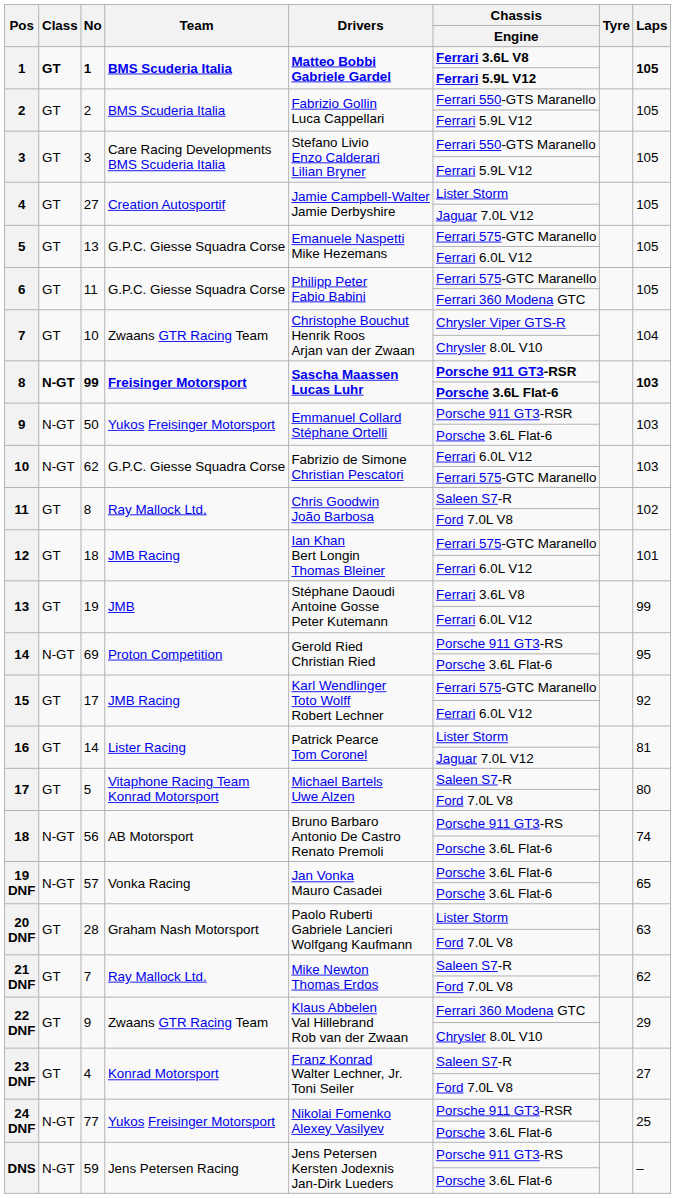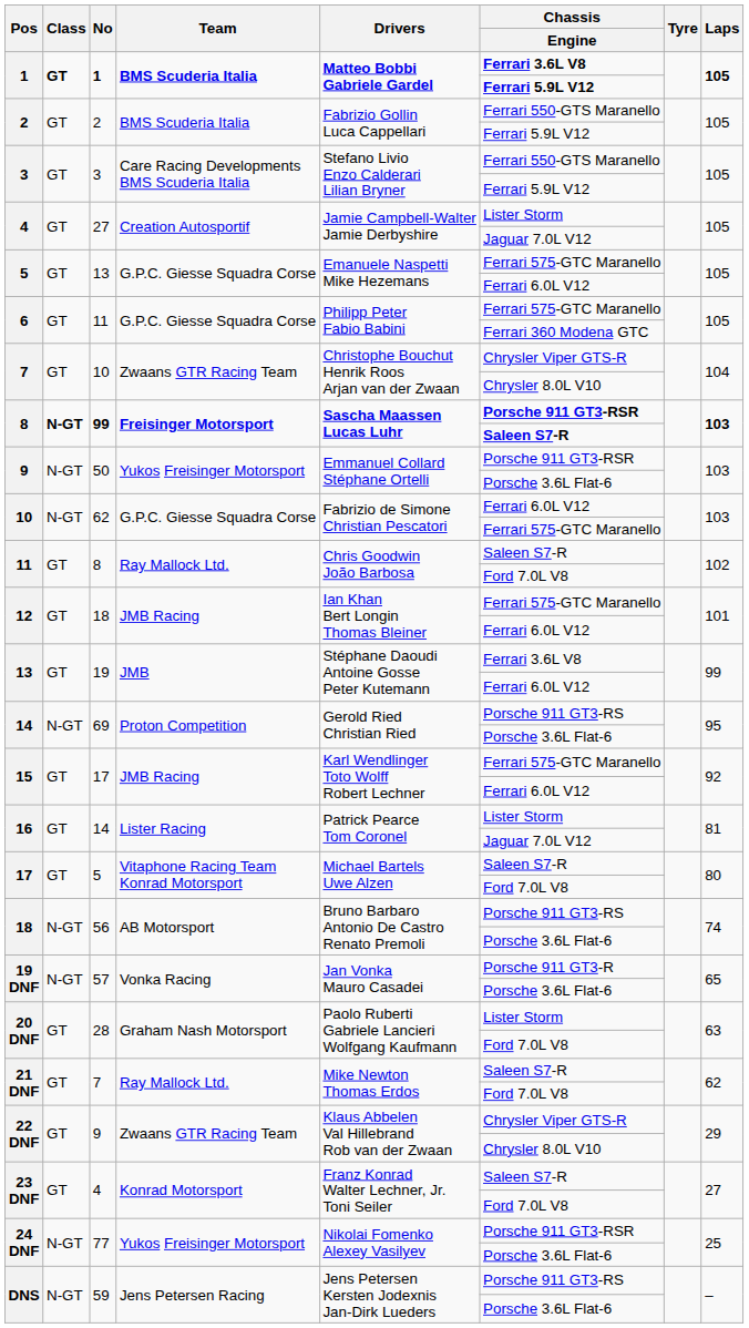 <table class="wikitable" style="font-size: 95%;">
 <tr>
 <th rowspan=2>Pos</th>
 <th rowspan=2>Class</th>
 <th rowspan=2>No</th>
 <th rowspan=2>Team</th>
 <th rowspan=2>Drivers</th>
 <th>Chassis</th>
 <th rowspan=2>Tyre</th>
 <th rowspan=2>Laps</th>
 </tr>
 <tr>
 <th>Engine</th>
 </tr>
 <tr style="font-weight:bold">
 <th rowspan=2>1</th>
 <td rowspan=2>GT</td>
 <td rowspan=2>1</td>
 <td rowspan=2> <a href='#'>BMS Scuderia Italia</a></td>
 <td rowspan=2> <a href='#'>Matteo Bobbi</a><br> <a href='#'>Gabriele Gardel</a></td>
 <td><a href='#'>Ferrari</a> 3.6L V8</td>
 <td rowspan=2></td>
 <td rowspan=2>105</td>
 </tr>
 <tr style="font-weight:bold">
 <td><a href='#'>Ferrari</a> 5.9L V12</td>
 </tr>
 <tr>
 <th rowspan=2>2</th>
 <td rowspan=2>GT</td>
 <td rowspan=2>2</td>
 <td rowspan=2> <a href='#'>BMS Scuderia Italia</a></td>
 <td rowspan=2> <a href='#'>Fabrizio Gollin</a><br> Luca Cappellari</td>
 <td><a href='#'>Ferrari 550</a>-GTS Maranello</td>
 <td rowspan=2></td>
 <td rowspan=2>105</td>
 </tr>
 <tr>
 <td><a href='#'>Ferrari</a> 5.9L V12</td>
 </tr>
 <tr>
 <th rowspan=2>3</th>
 <td rowspan=2>GT</td>
 <td rowspan=2>3</td>
 <td rowspan=2> Care Racing Developments<br> <a href='#'>BMS Scuderia Italia</a></td>
 <td rowspan=2> Stefano Livio<br> <a href='#'>Enzo Calderari</a><br> <a href='#'>Lilian Bryner</a></td>
 <td><a href='#'>Ferrari 550</a>-GTS Maranello</td>
 <td rowspan=2></td>
 <td rowspan=2>105</td>
 </tr>
 <tr>
 <td><a href='#'>Ferrari</a> 5.9L V12</td>
 </tr>
 <tr>
 <th rowspan=2>4</th>
 <td rowspan=2>GT</td>
 <td rowspan=2>27</td>
 <td rowspan=2> <a href='#'>Creation Autosportif</a></td>
 <td rowspan=2> <a href='#'>Jamie Campbell-Walter</a><br> Jamie Derbyshire</td>
 <td><a href='#'>Lister Storm</a></td>
 <td rowspan=2></td>
 <td rowspan=2>105</td>
 </tr>
 <tr>
 <td><a href='#'>Jaguar</a> 7.0L V12</td>
 </tr>
 <tr>
 <th rowspan=2>5</th>
 <td rowspan=2>GT</td>
 <td rowspan=2>13</td>
 <td rowspan=2> G.P.C. Giesse Squadra Corse</td>
 <td rowspan=2> <a href='#'>Emanuele Naspetti</a><br> Mike Hezemans</td>
 <td><a href='#'>Ferrari 575</a>-GTC Maranello</td>
 <td rowspan=2></td>
 <td rowspan=2>105</td>
 </tr>
 <tr>
 <td><a href='#'>Ferrari</a> 6.0L V12</td>
 </tr>
 <tr>
 <th rowspan=2>6</th>
 <td rowspan=2>GT</td>
 <td rowspan=2>11</td>
 <td rowspan=2> G.P.C. Giesse Squadra Corse</td>
 <td rowspan=2> <a href='#'>Philipp Peter</a><br> <a href='#'>Fabio Babini</a></td>
 <td><a href='#'>Ferrari 575</a>-GTC Maranello</td>
 <td rowspan=2></td>
 <td rowspan=2>105</td>
 </tr>
 <tr>
 <td><a href='#'>Ferrari 360 Modena</a> GTC</td>
 </tr>
 <tr>
 <th rowspan=2>7</th>
 <td rowspan=2>GT</td>
 <td rowspan=2>10</td>
 <td rowspan=2> Zwaans <a href='#'>GTR Racing</a> Team</td>
 <td rowspan=2> <a href='#'>Christophe Bouchut</a><br> Henrik Roos<br> Arjan van der Zwaan</td>
 <td><a href='#'>Chrysler Viper GTS-R</a></td>
 <td rowspan=2></td>
 <td rowspan=2>104</td>
 </tr>
 <tr>
 <td><a href='#'>Chrysler</a> 8.0L V10</td>
 </tr>
 <tr style="font-weight:bold">
 <th rowspan=2>8</th>
 <td rowspan=2>N-GT</td>
 <td rowspan=2>99</td>
 <td rowspan=2> <a href='#'>Freisinger Motorsport</a></td>
 <td rowspan=2> <a href='#'>Sascha Maassen</a><br> <a href='#'>Lucas Luhr</a></td>
 <td><a href='#'>Porsche 911 GT3</a>-RSR</td>
 <td rowspan=2></td>
 <td rowspan=2>103</td>
 </tr>
 <tr style="font-weight:bold">
-<td><a href='#'>Porsche</a> 3.6L Flat-6</td>
+<td><a href='#'>Saleen S7</a>-R</td>
 </tr>
 <tr>
 <th rowspan=2>9</th>
 <td rowspan=2>N-GT</td>
 <td rowspan=2>50</td>
 <td rowspan=2> <a href='#'>Yukos</a> <a href='#'>Freisinger Motorsport</a></td>
 <td rowspan=2> <a href='#'>Emmanuel Collard</a><br> <a href='#'>Stéphane Ortelli</a></td>
 <td><a href='#'>Porsche 911 GT3</a>-RSR</td>
 <td rowspan=2></td>
 <td rowspan=2>103</td>
 </tr>
 <tr>
 <td><a href='#'>Porsche</a> 3.6L Flat-6</td>
 </tr>
 <tr>
 <th rowspan=2>10</th>
 <td rowspan=2>N-GT</td>
 <td rowspan=2>62</td>
 <td rowspan=2> G.P.C. Giesse Squadra Corse</td>
 <td rowspan=2> Fabrizio de Simone<br> <a href='#'>Christian Pescatori</a></td>
 <td><a href='#'>Ferrari</a> 6.0L V12</td>
 <td rowspan=2></td>
 <td rowspan=2>103</td>
 </tr>
 <tr>
 <td><a href='#'>Ferrari 575</a>-GTC Maranello</td>
 </tr>
 <tr>
 <th rowspan=2>11</th>
 <td rowspan=2>GT</td>
 <td rowspan=2>8</td>
 <td rowspan=2> <a href='#'>Ray Mallock Ltd.</a></td>
 <td rowspan=2> <a href='#'>Chris Goodwin</a><br> <a href='#'>João Barbosa</a></td>
 <td><a href='#'>Saleen S7</a>-R</td>
 <td rowspan=2></td>
 <td rowspan=2>102</td>
 </tr>
 <tr>
 <td><a href='#'>Ford</a> 7.0L V8</td>
 </tr>
 <tr>
 <th rowspan=2>12</th>
 <td rowspan=2>GT</td>
 <td rowspan=2>18</td>
 <td rowspan=2> <a href='#'>JMB Racing</a></td>
 <td rowspan=2> <a href='#'>Ian Khan</a><br> Bert Longin<br> <a href='#'>Thomas Bleiner</a></td>
 <td><a href='#'>Ferrari 575</a>-GTC Maranello</td>
 <td rowspan=2></td>
 <td rowspan=2>101</td>
 </tr>
 <tr>
 <td><a href='#'>Ferrari</a> 6.0L V12</td>
 </tr>
 <tr>
 <th rowspan=2>13</th>
 <td rowspan=2>GT</td>
 <td rowspan=2>19</td>
 <td rowspan=2> <a href='#'>JMB</a></td>
 <td rowspan=2> Stéphane Daoudi<br> Antoine Gosse<br> Peter Kutemann</td>
 <td><a href='#'>Ferrari</a> 3.6L V8</td>
 <td rowspan=2></td>
 <td rowspan=2>99</td>
 </tr>
 <tr>
 <td><a href='#'>Ferrari</a> 6.0L V12</td>
 </tr>
 <tr>
 <th rowspan=2>14</th>
 <td rowspan=2>N-GT</td>
 <td rowspan=2>69</td>
 <td rowspan=2> <a href='#'>Proton Competition</a></td>
 <td rowspan=2> Gerold Ried<br> Christian Ried</td>
 <td><a href='#'>Porsche 911 GT3</a>-RS</td>
 <td rowspan=2></td>
 <td rowspan=2>95</td>
 </tr>
 <tr>
 <td><a href='#'>Porsche</a> 3.6L Flat-6</td>
 </tr>
 <tr>
 <th rowspan=2>15</th>
 <td rowspan=2>GT</td>
 <td rowspan=2>17</td>
 <td rowspan=2> <a href='#'>JMB Racing</a></td>
 <td rowspan=2> <a href='#'>Karl Wendlinger</a><br> <a href='#'>Toto Wolff</a><br> Robert Lechner</td>
 <td><a href='#'>Ferrari 575</a>-GTC Maranello</td>
 <td rowspan=2></td>
 <td rowspan=2>92</td>
 </tr>
 <tr>
 <td><a href='#'>Ferrari</a> 6.0L V12</td>
 </tr>
 <tr>
 <th rowspan=2>16</th>
 <td rowspan=2>GT</td>
 <td rowspan=2>14</td>
 <td rowspan=2> <a href='#'>Lister Racing</a></td>
 <td rowspan=2> Patrick Pearce<br> <a href='#'>Tom Coronel</a></td>
 <td><a href='#'>Lister Storm</a></td>
 <td rowspan=2></td>
 <td rowspan=2>81</td>
 </tr>
 <tr>
 <td><a href='#'>Jaguar</a> 7.0L V12</td>
 </tr>
 <tr>
 <th rowspan=2>17</th>
 <td rowspan=2>GT</td>
 <td rowspan=2>5</td>
 <td rowspan=2> <a href='#'>Vitaphone Racing Team</a><br> <a href='#'>Konrad Motorsport</a></td>
 <td rowspan=2> <a href='#'>Michael Bartels</a><br> <a href='#'>Uwe Alzen</a></td>
 <td><a href='#'>Saleen S7</a>-R</td>
 <td rowspan=2></td>
 <td rowspan=2>80</td>
 </tr>
 <tr>
 <td><a href='#'>Ford</a> 7.0L V8</td>
 </tr>
 <tr>
 <th rowspan=2>18</th>
 <td rowspan=2>N-GT</td>
 <td rowspan=2>56</td>
 <td rowspan=2> AB Motorsport</td>
 <td rowspan=2> Bruno Barbaro<br> Antonio De Castro<br> Renato Premoli</td>
 <td><a href='#'>Porsche 911 GT3</a>-RS</td>
 <td rowspan=2></td>
 <td rowspan=2>74</td>
 </tr>
 <tr>
 <td><a href='#'>Porsche</a> 3.6L Flat-6</td>
 </tr>
 <tr>
 <th rowspan=2>19<br>DNF</th>
 <td rowspan=2>N-GT</td>
 <td rowspan=2>57</td>
 <td rowspan=2> Vonka Racing</td>
 <td rowspan=2> <a href='#'>Jan Vonka</a><br> Mauro Casadei</td>
-<td><a href='#'>Porsche</a> 3.6L Flat-6</td>
+<td><a href='#'>Porsche 911 GT3</a>-R</td>
 <td rowspan=2></td>
 <td rowspan=2>65</td>
 </tr>
 <tr>
 <td><a href='#'>Porsche</a> 3.6L Flat-6</td>
 </tr>
 <tr>
 <th rowspan=2>20<br>DNF</th>
 <td rowspan=2>GT</td>
 <td rowspan=2>28</td>
 <td rowspan=2> Graham Nash Motorsport</td>
 <td rowspan=2> Paolo Ruberti<br> Gabriele Lancieri<br> Wolfgang Kaufmann</td>
 <td><a href='#'>Lister Storm</a></td>
 <td rowspan=2></td>
 <td rowspan=2>63</td>
 </tr>
 <tr>
 <td><a href='#'>Ford</a> 7.0L V8</td>
 </tr>
 <tr>
 <th rowspan=2>21<br>DNF</th>
 <td rowspan=2>GT</td>
 <td rowspan=2>7</td>
 <td rowspan=2> <a href='#'>Ray Mallock Ltd.</a></td>
 <td rowspan=2> <a href='#'>Mike Newton</a><br> <a href='#'>Thomas Erdos</a></td>
 <td><a href='#'>Saleen S7</a>-R</td>
 <td rowspan=2></td>
 <td rowspan=2>62</td>
 </tr>
 <tr>
 <td><a href='#'>Ford</a> 7.0L V8</td>
 </tr>
 <tr>
 <th rowspan=2>22<br>DNF</th>
 <td rowspan=2>GT</td>
 <td rowspan=2>9</td>
 <td rowspan=2> Zwaans <a href='#'>GTR Racing</a> Team</td>
 <td rowspan=2> <a href='#'>Klaus Abbelen</a><br> Val Hillebrand<br> Rob van der Zwaan</td>
-<td><a href='#'>Ferrari 360 Modena</a> GTC</td>
+<td><a href='#'>Chrysler Viper GTS-R</a></td>
 <td rowspan=2></td>
 <td rowspan=2>29</td>
 </tr>
 <tr>
 <td><a href='#'>Chrysler</a> 8.0L V10</td>
 </tr>
 <tr>
 <th rowspan=2>23<br>DNF</th>
 <td rowspan=2>GT</td>
 <td rowspan=2>4</td>
 <td rowspan=2> <a href='#'>Konrad Motorsport</a></td>
 <td rowspan=2> <a href='#'>Franz Konrad</a><br> Walter Lechner, Jr.<br> Toni Seiler</td>
 <td><a href='#'>Saleen S7</a>-R</td>
 <td rowspan=2></td>
 <td rowspan=2>27</td>
 </tr>
 <tr>
 <td><a href='#'>Ford</a> 7.0L V8</td>
 </tr>
 <tr>
 <th rowspan=2>24<br>DNF</th>
 <td rowspan=2>N-GT</td>
 <td rowspan=2>77</td>
 <td rowspan=2> <a href='#'>Yukos</a> <a href='#'>Freisinger Motorsport</a></td>
 <td rowspan=2> <a href='#'>Nikolai Fomenko</a><br> <a href='#'>Alexey Vasilyev</a></td>
 <td><a href='#'>Porsche 911 GT3</a>-RSR</td>
 <td rowspan=2></td>
 <td rowspan=2>25</td>
 </tr>
 <tr>
 <td><a href='#'>Porsche</a> 3.6L Flat-6</td>
 </tr>
 <tr>
 <th rowspan=2>DNS</th>
 <td rowspan=2>N-GT</td>
 <td rowspan=2>59</td>
 <td rowspan=2> Jens Petersen Racing</td>
 <td rowspan=2> Jens Petersen<br> Kersten Jodexnis<br> Jan-Dirk Lueders</td>
 <td><a href='#'>Porsche 911 GT3</a>-RS</td>
 <td rowspan=2></td>
 <td rowspan=2>–</td>
 </tr>
 <tr>
 <td><a href='#'>Porsche</a> 3.6L Flat-6</td>
 </tr>
 </table>
